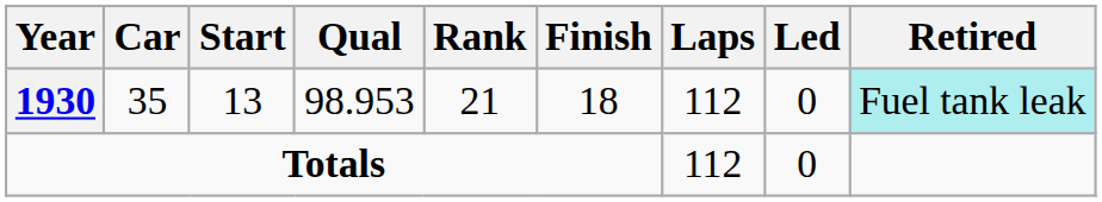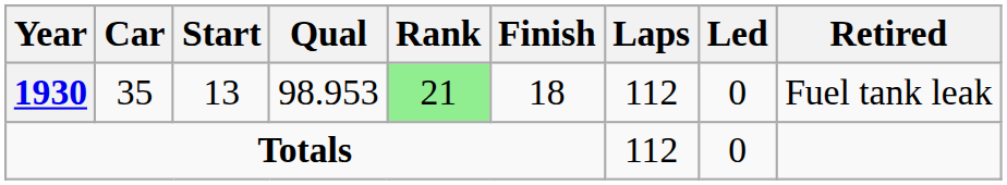 <table class="wikitable" style="text-align:center">
 <tr>
 <th>Year</th>
 <th>Car</th>
 <th>Start</th>
 <th>Qual</th>
 <th>Rank</th>
 <th>Finish</th>
 <th>Laps</th>
 <th>Led</th>
 <th>Retired</th>
 </tr>
 <tr>
 <th><a href='#'>1930</a></th>
 <td>35</td>
 <td>13</td>
 <td>98.953</td>
-<td>21</td>
+<td style="background: lightgreen;">21</td>
 <td>18</td>
 <td>112</td>
 <td>0</td>
-<td style="background: paleturquoise;">Fuel tank leak</td>
+<td>Fuel tank leak</td>
 </tr>
 <tr>
 <td colspan=6><strong>Totals</strong></td>
 <td>112</td>
 <td>0</td>
 <td></td>
 </tr>
 </table>
